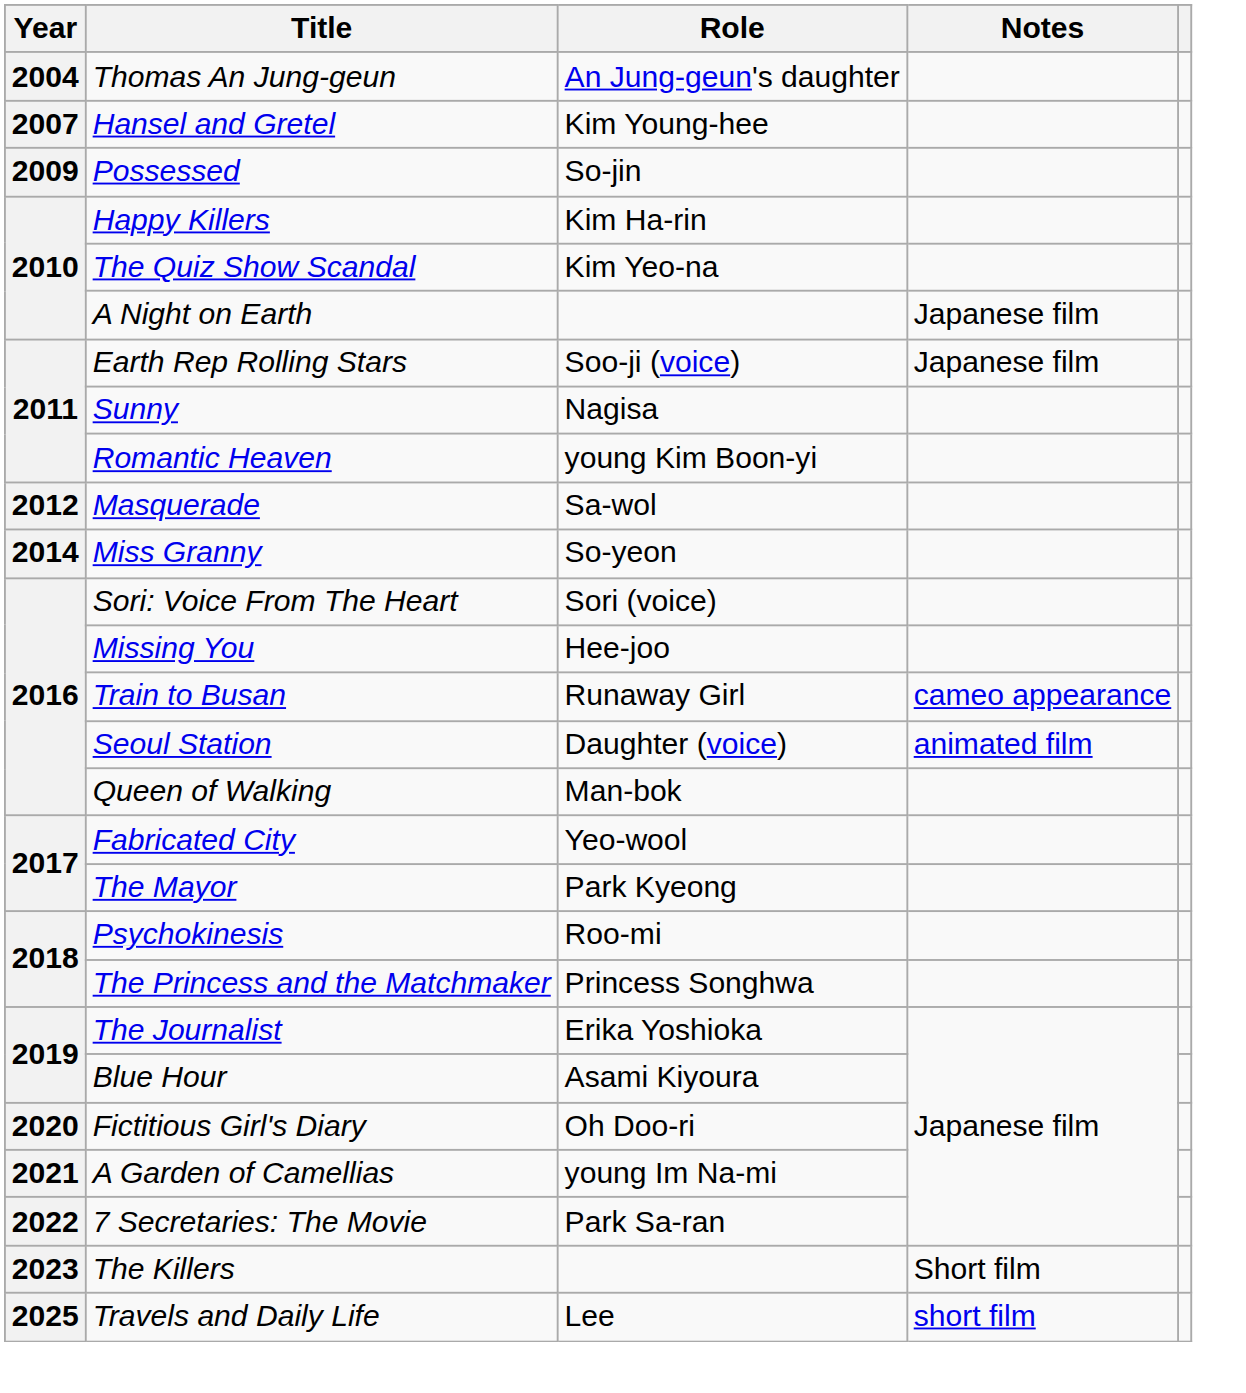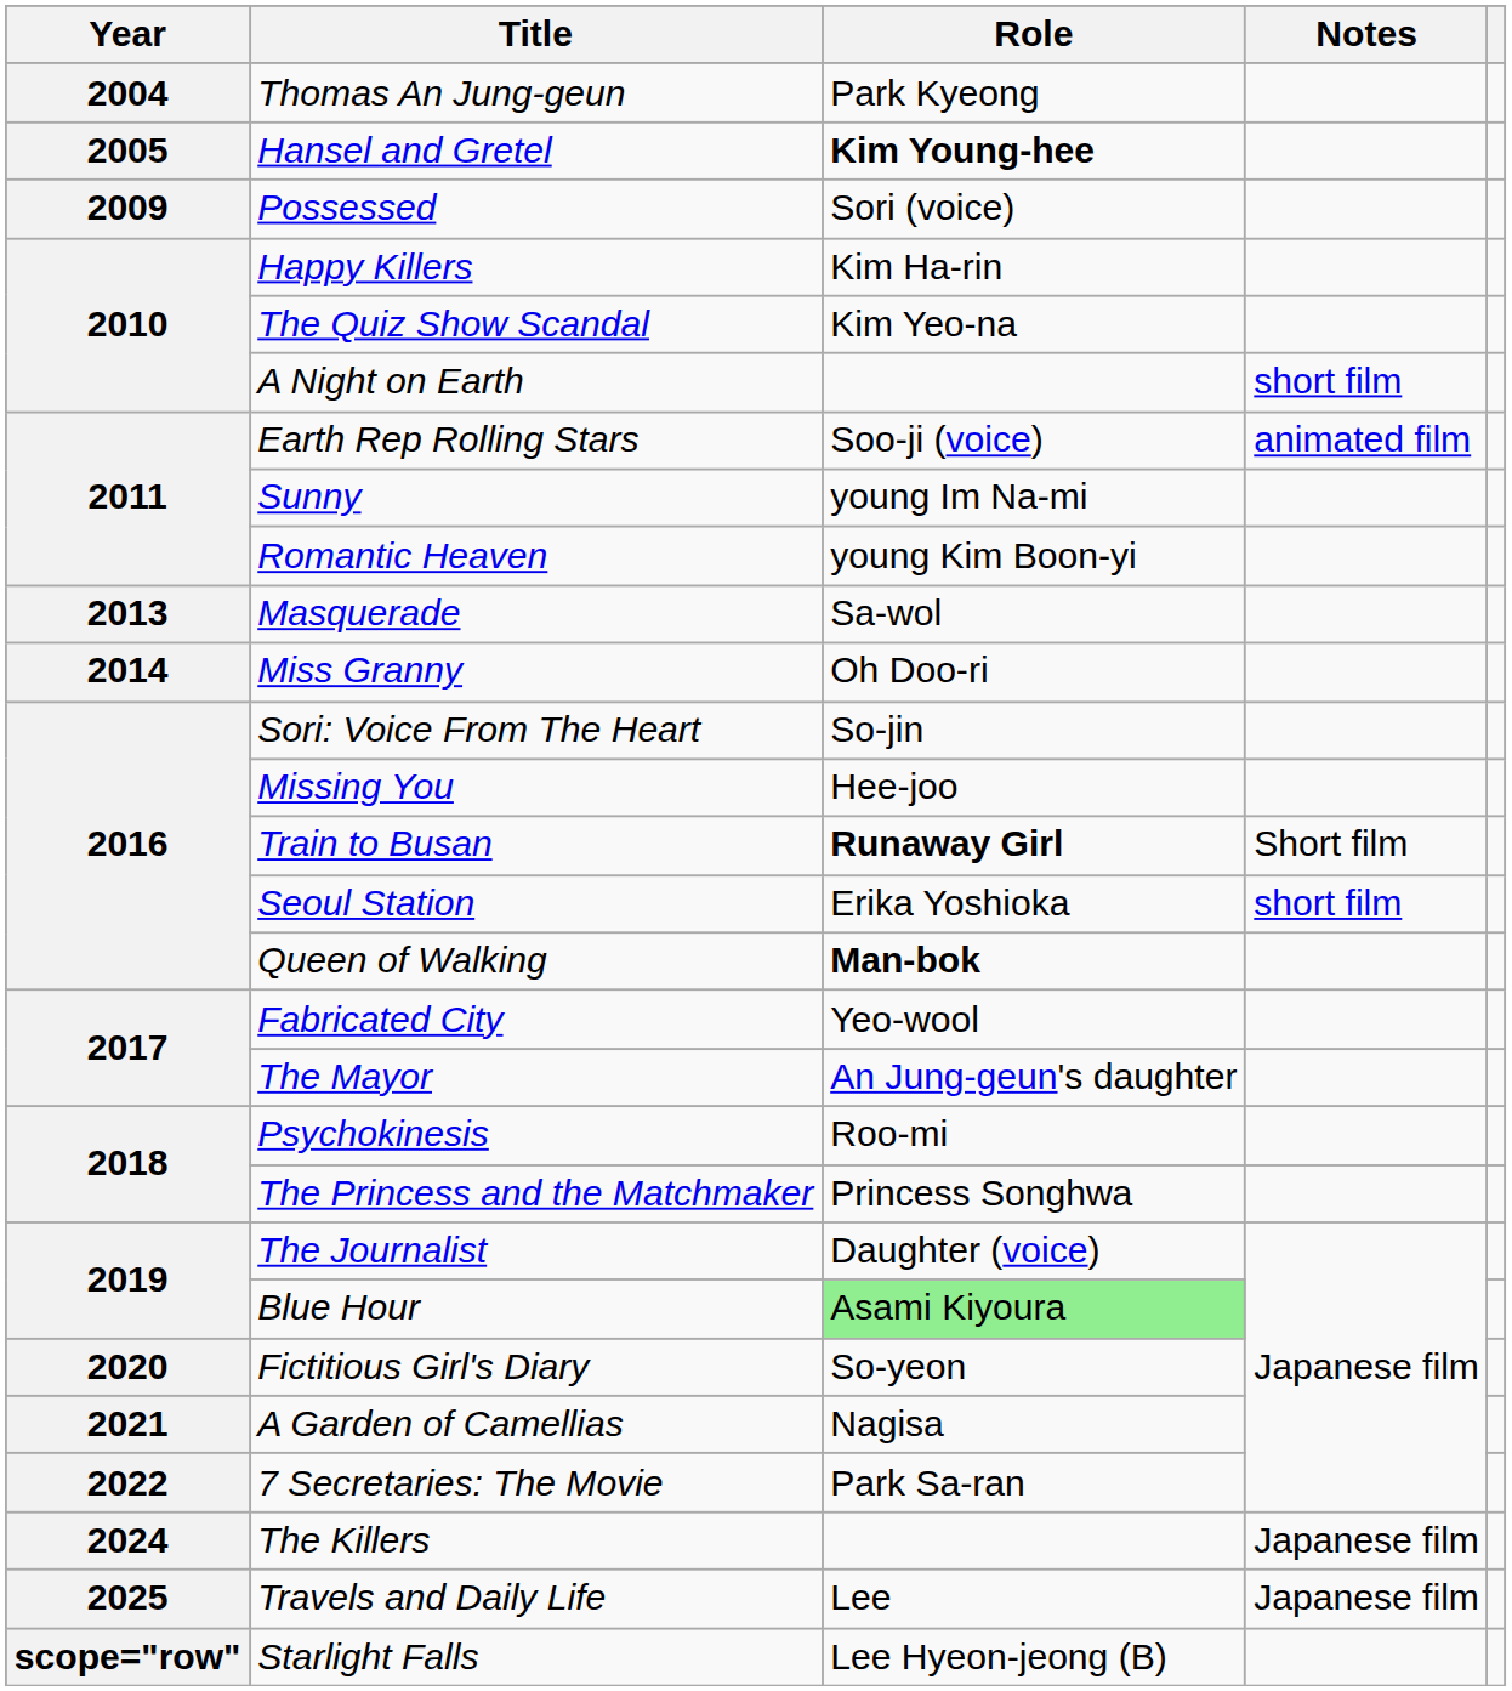 <table class="wikitable sortable plainrowheaders">
 <tr>
 <th scope="col">Year</th>
 <th scope="col">Title</th>
 <th scope="col">Role</th>
 <th scope="col">Notes</th>
 <th scope="col" class="unsortable"></th>
 </tr>
 <tr>
 <th scope="row">2004</th>
 <td><em>Thomas An Jung-geun</em></td>
-<td><a href='#'>An Jung-geun</a>'s daughter</td>
+<td>Park Kyeong</td>
 <td></td>
 <td></td>
 </tr>
 <tr>
-<th scope="row">2007</th>
+<th scope="row">2005</th>
 <td><em><a href='#'>Hansel and Gretel</a></em></td>
-<td>Kim Young-hee</td>
+<td><strong>Kim Young-hee</strong></td>
 <td></td>
 <td></td>
 </tr>
 <tr>
 <th scope="row">2009</th>
 <td><em><a href='#'>Possessed</a></em></td>
-<td>So-jin</td>
+<td>Sori (voice)</td>
 <td></td>
 <td></td>
 </tr>
 <tr>
 <th scope="row" rowspan=3>2010</th>
 <td><em><a href='#'>Happy Killers</a></em></td>
 <td>Kim Ha-rin</td>
 <td></td>
 <td></td>
 </tr>
 <tr>
 <td><em><a href='#'>The Quiz Show Scandal</a></em></td>
 <td>Kim Yeo-na</td>
 <td></td>
 <td></td>
 </tr>
 <tr>
 <td><em>A Night on Earth</em></td>
 <td></td>
-<td>Japanese film</td>
+<td><a href='#'>short film</a></td>
 <td></td>
 </tr>
 <tr>
 <th scope="row" rowspan=3>2011</th>
 <td><em>Earth Rep Rolling Stars</em></td>
 <td>Soo-ji (<a href='#'>voice</a>)</td>
-<td>Japanese film</td>
+<td><a href='#'>animated film</a></td>
 <td></td>
 </tr>
 <tr>
 <td><em><a href='#'>Sunny</a></em></td>
-<td>Nagisa</td>
+<td>young Im Na-mi</td>
 <td></td>
 <td></td>
 </tr>
 <tr>
 <td><em><a href='#'>Romantic Heaven</a></em></td>
 <td>young Kim Boon-yi</td>
 <td></td>
 <td></td>
 </tr>
 <tr>
-<th scope="row">2012</th>
+<th scope="row">2013</th>
 <td><em><a href='#'>Masquerade</a></em></td>
 <td>Sa-wol</td>
 <td></td>
 <td></td>
 </tr>
 <tr>
 <th scope="row">2014</th>
 <td><em><a href='#'>Miss Granny</a></em></td>
-<td>So-yeon</td>
+<td>Oh Doo-ri</td>
 <td></td>
 <td></td>
 </tr>
 <tr>
 <th scope="row" rowspan=5>2016</th>
 <td><em>Sori: Voice From The Heart</em></td>
-<td>Sori (voice)</td>
+<td>So-jin</td>
 <td></td>
 <td></td>
 </tr>
 <tr>
 <td><em><a href='#'>Missing You</a></em></td>
 <td>Hee-joo</td>
 <td></td>
 <td></td>
 </tr>
 <tr>
 <td><em><a href='#'>Train to Busan</a></em></td>
-<td>Runaway Girl</td>
-<td><a href='#'>cameo appearance</a></td>
+<td><strong>Runaway Girl</strong></td>
+<td>Short film</td>
 <td></td>
 </tr>
 <tr>
 <td><em><a href='#'>Seoul Station</a></em></td>
-<td>Daughter (<a href='#'>voice</a>)</td>
-<td><a href='#'>animated film</a></td>
+<td>Erika Yoshioka</td>
+<td><a href='#'>short film</a></td>
 <td></td>
 </tr>
 <tr>
 <td><em>Queen of Walking</em></td>
-<td>Man-bok</td>
+<td><strong>Man-bok</strong></td>
 <td></td>
 <td></td>
 </tr>
 <tr>
 <th scope="row" rowspan=2>2017</th>
 <td><em><a href='#'>Fabricated City</a></em></td>
 <td>Yeo-wool</td>
 <td></td>
 <td></td>
 </tr>
 <tr>
 <td><em><a href='#'>The Mayor</a></em></td>
-<td>Park Kyeong</td>
+<td><a href='#'>An Jung-geun</a>'s daughter</td>
 <td></td>
 <td></td>
 </tr>
 <tr>
 <th scope="row" rowspan=2>2018</th>
 <td><em><a href='#'>Psychokinesis</a></em></td>
 <td>Roo-mi</td>
 <td></td>
 <td></td>
 </tr>
 <tr>
 <td><em><a href='#'>The Princess and the Matchmaker</a></em></td>
 <td>Princess Songhwa</td>
 <td></td>
 <td></td>
 </tr>
 <tr>
 <th scope="row" rowspan=2>2019</th>
 <td><em><a href='#'>The Journalist</a></em></td>
-<td>Erika Yoshioka</td>
+<td>Daughter (<a href='#'>voice</a>)</td>
 <td rowspan=5>Japanese film</td>
 <td></td>
 </tr>
 <tr>
 <td><em>Blue Hour</em></td>
-<td>Asami Kiyoura</td>
+<td style="background: lightgreen;">Asami Kiyoura</td>
 <td></td>
 </tr>
 <tr>
 <th scope="row">2020</th>
 <td><em>Fictitious Girl's Diary</em></td>
-<td>Oh Doo-ri</td>
+<td>So-yeon</td>
 <td></td>
 </tr>
 <tr>
 <th scope="row">2021</th>
 <td><em>A Garden of Camellias</em></td>
-<td>young Im Na-mi</td>
+<td>Nagisa</td>
 <td></td>
 </tr>
 <tr>
 <th scope="row">2022</th>
 <td><em>7 Secretaries: The Movie</em></td>
 <td>Park Sa-ran</td>
 <td></td>
 </tr>
 <tr>
-<th scope="row">2023</th>
+<th scope="row">2024</th>
 <td><em>The Killers</em></td>
 <td></td>
-<td>Short film</td>
+<td>Japanese film</td>
 <td></td>
 </tr>
 <tr>
 <th scope="row">2025</th>
 <td><em>Travels and Daily Life</em></td>
 <td>Lee</td>
-<td><a href='#'>short film</a></td>
+<td>Japanese film</td>
+<td></td>
+</tr>
+<tr>
+<th>scope="row" </th>
+<td><em>Starlight Falls</em></td>
+<td>Lee Hyeon-jeong (B)</td>
+<td></td>
 <td></td>
 </tr>
 </table>
